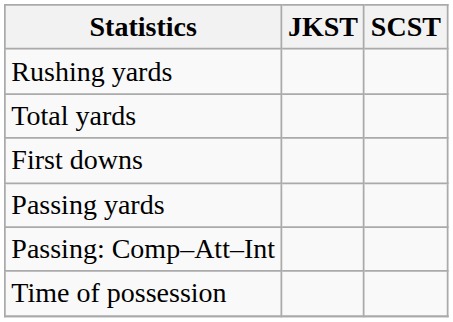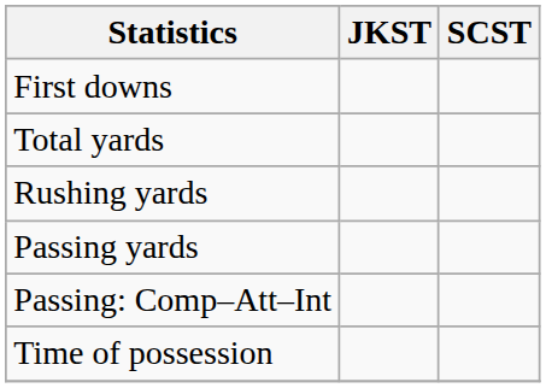 <table class="wikitable" style="float: left;">
 <tr>
 <th>Statistics</th>
 <th>JKST</th>
 <th>SCST</th>
 </tr>
 <tr>
-<td>Rushing yards</td>
+<td>First downs</td>
 <td></td>
 <td></td>
 </tr>
 <tr>
 <td>Total yards</td>
 <td></td>
 <td></td>
 </tr>
 <tr>
-<td>First downs</td>
+<td>Rushing yards</td>
 <td></td>
 <td></td>
 </tr>
 <tr>
 <td>Passing yards</td>
 <td></td>
 <td></td>
 </tr>
 <tr>
 <td>Passing: Comp–Att–Int</td>
 <td></td>
 <td></td>
 </tr>
 <tr>
 <td>Time of possession</td>
 <td></td>
 <td></td>
 </tr>
 <tr>
 </tr>
 </table>
